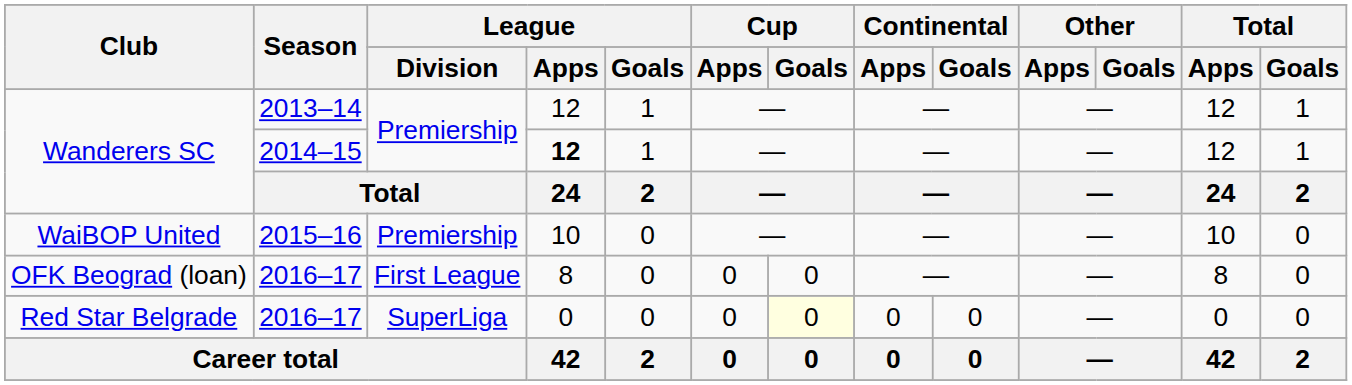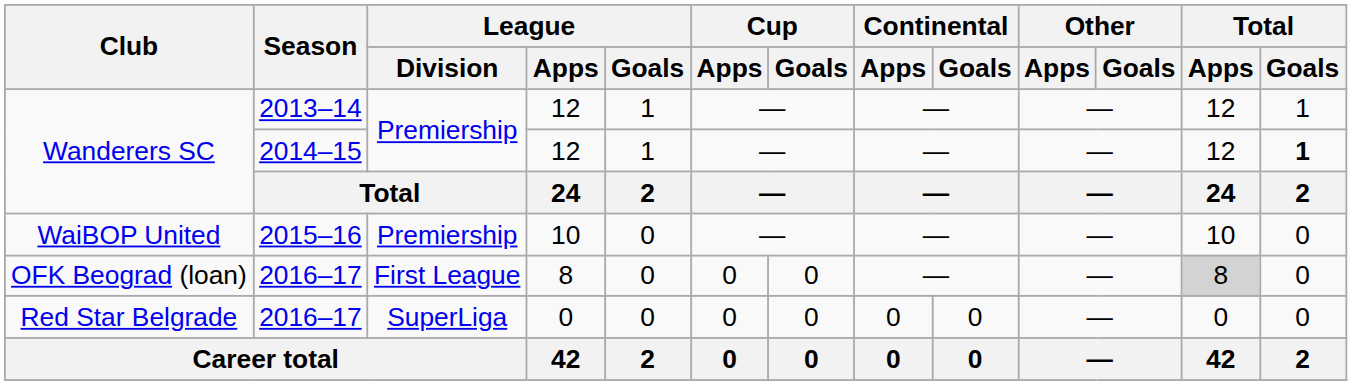 <table class="wikitable" style="text-align: center;font-size:90%">
 <tr>
 <th rowspan="2">Club</th>
 <th rowspan="2">Season</th>
 <th colspan="3">League</th>
 <th colspan="2">Cup</th>
 <th colspan="2">Continental</th>
 <th colspan="2">Other</th>
 <th colspan="2">Total</th>
 </tr>
 <tr>
 <th>Division</th>
 <th>Apps</th>
 <th>Goals</th>
 <th>Apps</th>
 <th>Goals</th>
 <th>Apps</th>
 <th>Goals</th>
 <th>Apps</th>
 <th>Goals</th>
 <th>Apps</th>
 <th>Goals</th>
 </tr>
 <tr>
 <td rowspan="3" valign="center"><a href='#'>Wanderers SC</a></td>
 <td><a href='#'>2013–14</a></td>
 <td rowspan=2><a href='#'>Premiership</a></td>
 <td>12</td>
 <td>1</td>
 <td colspan="2">—</td>
 <td colspan="2">—</td>
 <td colspan="2">—</td>
 <td>12</td>
 <td>1</td>
 </tr>
 <tr>
 <td><a href='#'>2014–15</a></td>
-<td><strong>12</strong></td>
+<td>12</td>
 <td>1</td>
 <td colspan="2">—</td>
 <td colspan="2">—</td>
 <td colspan="2">—</td>
 <td>12</td>
-<td>1</td>
+<td><strong>1</strong></td>
 </tr>
 <tr>
 <th colspan="2">Total</th>
 <th>24</th>
 <th>2</th>
 <th colspan="2">—</th>
 <th colspan="2">—</th>
 <th colspan="2">—</th>
 <th>24</th>
 <th>2</th>
 </tr>
 <tr>
 <td><a href='#'>WaiBOP United</a></td>
 <td><a href='#'>2015–16</a></td>
 <td><a href='#'>Premiership</a></td>
 <td>10</td>
 <td>0</td>
 <td colspan="2">—</td>
 <td colspan="2">—</td>
 <td colspan="2">—</td>
 <td>10</td>
 <td>0</td>
 </tr>
 <tr>
 <td><a href='#'>OFK Beograd</a> (loan)</td>
 <td><a href='#'>2016–17</a></td>
 <td><a href='#'>First League</a></td>
 <td>8</td>
 <td>0</td>
 <td>0</td>
 <td>0</td>
 <td colspan="2">—</td>
 <td colspan="2">—</td>
-<td>8</td>
+<td style="background: lightgrey;">8</td>
 <td>0</td>
 </tr>
 <tr>
 <td><a href='#'>Red Star Belgrade</a></td>
 <td><a href='#'>2016–17</a></td>
 <td><a href='#'>SuperLiga</a></td>
 <td>0</td>
 <td>0</td>
 <td>0</td>
-<td style="background: lightyellow;">0</td>
+<td>0</td>
 <td>0</td>
 <td>0</td>
 <td colspan="2">—</td>
 <td>0</td>
 <td>0</td>
 </tr>
 <tr>
 <th colspan="3">Career total</th>
 <th>42</th>
 <th>2</th>
 <th>0</th>
 <th>0</th>
 <th>0</th>
 <th>0</th>
 <th colspan="2">—</th>
 <th>42</th>
 <th>2</th>
 </tr>
 </table>
